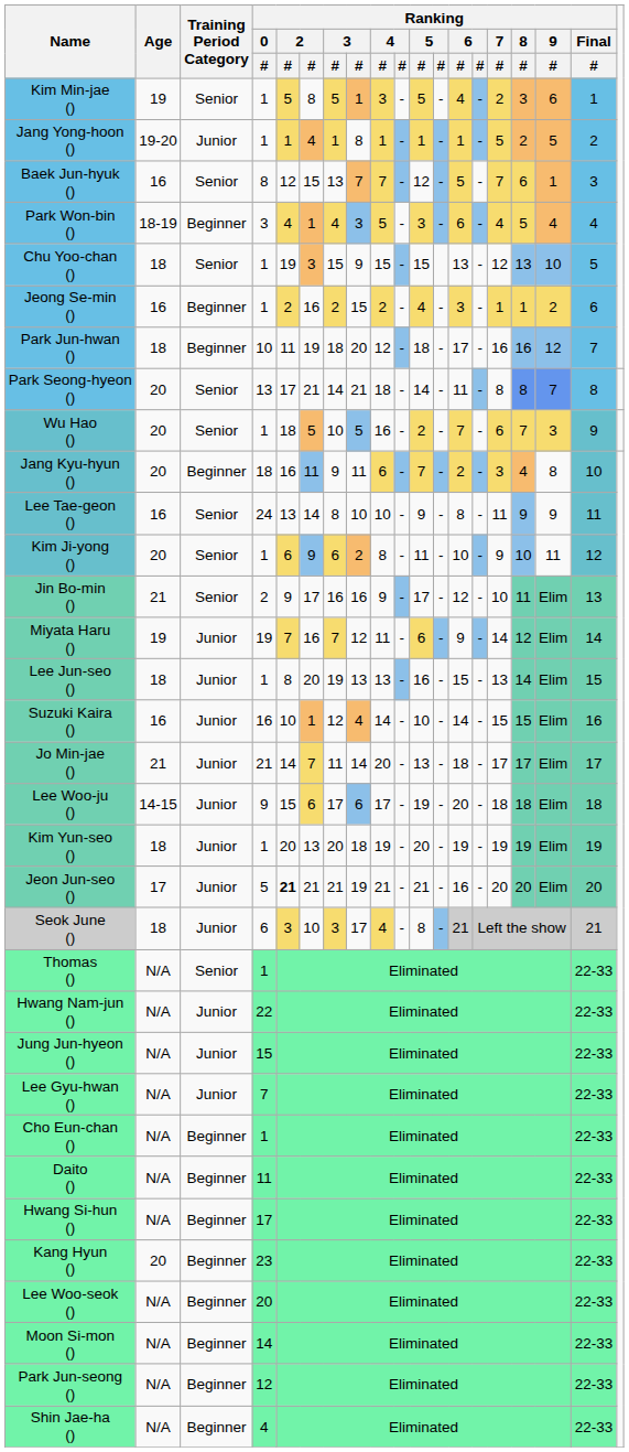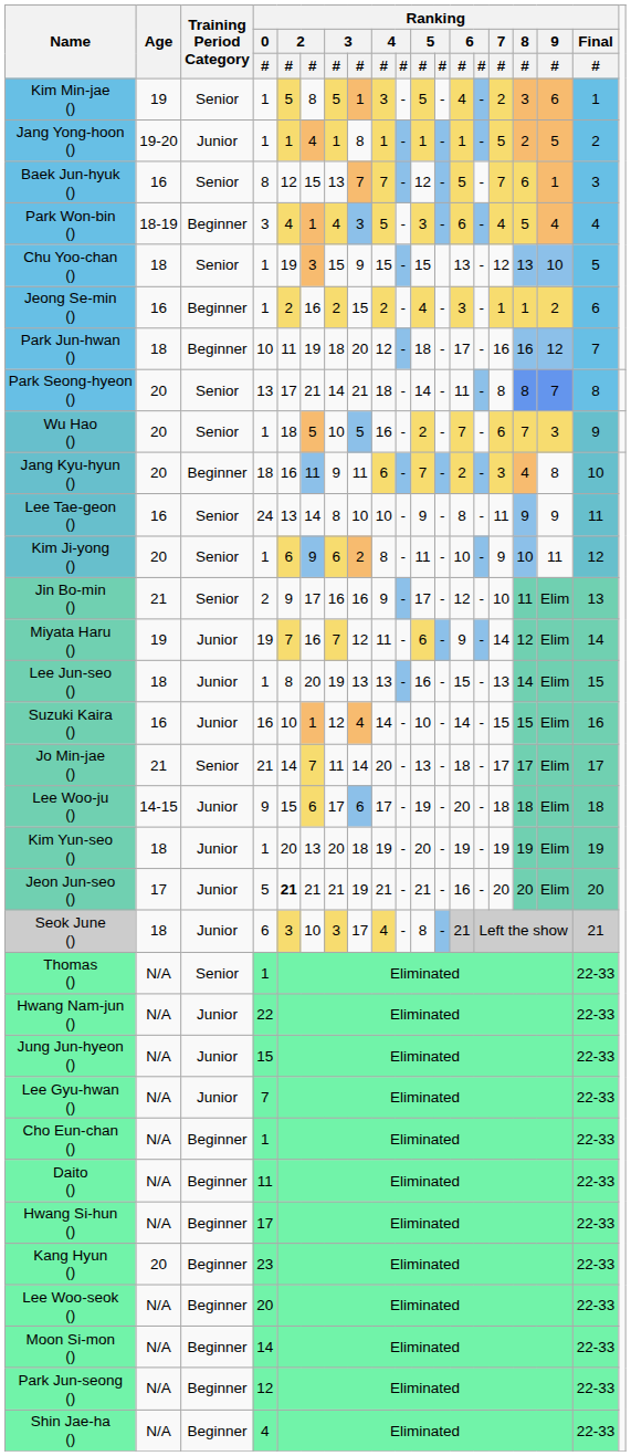 <table class="wikitable sortable" style="text-align:center; font-size: small;">
 <tr>
 <th rowspan="3" scope="col">Name</th>
 <th rowspan="3" scope="col">Age</th>
 <th rowspan="3" scope="col">Training<br>Period<br>Category</th>
 <th colspan="15">Ranking</th>
 </tr>
 <tr>
 <th> 0</th>
 <th colspan="2"> 2</th>
 <th colspan="2"> 3</th>
 <th colspan="2"> 4</th>
 <th colspan="2"> 5</th>
 <th colspan="2"> 6</th>
 <th> 7</th>
 <th> 8</th>
 <th> 9</th>
 <th>Final</th>
 </tr>
 <tr>
 <th>#</th>
 <th>#</th>
 <th>#</th>
 <th>#</th>
 <th>#</th>
 <th>#</th>
 <th>#</th>
 <th>#</th>
 <th>#</th>
 <th>#</th>
 <th>#</th>
 <th>#</th>
 <th>#</th>
 <th>#</th>
 <th>#</th>
 </tr>
 <tr>
 <td style="background:#67bfe5">Kim Min-jae<br>()</td>
 <td>19</td>
 <td>Senior</td>
 <td>1</td>
 <td style="background:#F7DC6F">5</td>
 <td>8</td>
 <td style="background:#F7DC6F">5</td>
 <td style="background:#f7bb6f">1</td>
 <td style="background:#F7DC6F">3</td>
 <td>-</td>
 <td style="background:#F7DC6F">5</td>
 <td>-</td>
 <td style="background:#F7DC6F">4</td>
 <td style="background:#8cc0e9">-</td>
 <td style="background:#F7DC6F">2</td>
 <td style="background:#f7bb6f">3</td>
 <td style="background:#f7bb6f">6</td>
 <td style="background:#67bfe5">1</td>
 </tr>
 <tr>
 <td style="background:#67bfe5">Jang Yong-hoon<br>()</td>
 <td>19-20</td>
 <td>Junior</td>
 <td>1</td>
 <td style="background:#F7DC6F">1</td>
 <td style="background:#f7bb6f">4</td>
 <td style="background:#F7DC6F">1</td>
 <td>8</td>
 <td style="background:#F7DC6F">1</td>
 <td style="background:#8cc0e9">-</td>
 <td style="background:#F7DC6F">1</td>
 <td style="background:#8cc0e9">-</td>
 <td style="background:#F7DC6F">1</td>
 <td style="background:#8cc0e9">-</td>
 <td style="background:#F7DC6F">5</td>
 <td style="background:#f7bb6f">2</td>
 <td style="background:#f7bb6f">5</td>
 <td style="background:#67bfe5">2</td>
 </tr>
 <tr>
 <td style="background:#67bfe5">Baek Jun-hyuk<br>()</td>
 <td>16</td>
 <td>Senior</td>
 <td>8</td>
 <td>12</td>
 <td>15</td>
 <td>13</td>
 <td style="background:#f7bb6f">7</td>
 <td style="background:#F7DC6F">7</td>
 <td style="background:#8cc0e9">-</td>
 <td>12</td>
 <td style="background:#8cc0e9">-</td>
 <td style="background:#F7DC6F">5</td>
 <td>-</td>
 <td style="background:#F7DC6F">7</td>
 <td style="background:#F7DC6F">6</td>
 <td style="background:#f7bb6f">1</td>
 <td style="background:#67bfe5">3</td>
 </tr>
 <tr>
 <td style="background:#67bfe5">Park Won-bin<br>()</td>
 <td>18-19</td>
 <td>Beginner</td>
 <td>3</td>
 <td style="background:#F7DC6F">4</td>
 <td style="background:#f7bb6f">1</td>
 <td style="background:#F7DC6F">4</td>
 <td style="background:#8cc0e9">3</td>
 <td style="background:#F7DC6F">5</td>
 <td>-</td>
 <td style="background:#F7DC6F">3</td>
 <td style="background:#8cc0e9">-</td>
 <td style="background:#F7DC6F">6</td>
 <td style="background:#8cc0e9">-</td>
 <td style="background:#F7DC6F">4</td>
 <td style="background:#F7DC6F">5</td>
 <td style="background:#f7bb6f">4</td>
 <td style="background:#67bfe5">4</td>
 </tr>
 <tr>
 <td style="background:#67bfe5">Chu Yoo-chan<br>()</td>
 <td>18</td>
 <td>Senior</td>
 <td>1</td>
 <td>19</td>
 <td style="background:#f7bb6f">3</td>
 <td>15</td>
 <td>9</td>
 <td>15</td>
 <td style="background:#8cc0e9">-</td>
 <td>15</td>
 <td></td>
 <td>13</td>
 <td>-</td>
 <td>12</td>
 <td style="background:#8cc0e9">13</td>
 <td style="background:#8cc0e9">10</td>
 <td style="background:#67bfe5">5</td>
 </tr>
 <tr>
 <td style="background:#67bfe5">Jeong Se-min<br>()</td>
 <td>16</td>
 <td>Beginner</td>
 <td>1</td>
 <td style="background:#F7DC6F">2</td>
 <td>16</td>
 <td style="background:#F7DC6F">2</td>
 <td>15</td>
 <td style="background:#F7DC6F">2</td>
 <td>-</td>
 <td style="background:#F7DC6F">4</td>
 <td>-</td>
 <td style="background:#F7DC6F">3</td>
 <td>-</td>
 <td style="background:#F7DC6F">1</td>
 <td style="background:#F7DC6F">1</td>
 <td style="background:#F7DC6F">2</td>
 <td style="background:#67bfe5">6</td>
 </tr>
 <tr>
 <td style="background:#67bfe5">Park Jun-hwan<br>()</td>
 <td>18</td>
 <td>Beginner</td>
 <td>10</td>
 <td>11</td>
 <td>19</td>
 <td>18</td>
 <td>20</td>
 <td>12</td>
 <td style="background:#8cc0e9">-</td>
 <td>18</td>
 <td>-</td>
 <td>17</td>
 <td>-</td>
 <td>16</td>
 <td style="background:#8cc0e9">16</td>
 <td style="background:#8cc0e9">12</td>
 <td style="background:#67bfe5">7</td>
 </tr>
 <tr>
 <td style="background:#67bfe5">Park Seong-hyeon<br>()</td>
 <td>20</td>
 <td>Senior</td>
 <td>13</td>
 <td>17</td>
 <td>21</td>
 <td>14</td>
 <td>21</td>
 <td>18</td>
 <td>-</td>
 <td>14</td>
 <td>-</td>
 <td>11</td>
 <td style="background:#8cc0e9">-</td>
 <td>8</td>
 <td style="background:#6495ed">8</td>
 <td style="background:#6495ed">7</td>
 <td style="background:#67bfe5">8</td>
 <td></td>
 </tr>
 <tr>
 <td style="background:#67bfcc">Wu Hao<br>()</td>
 <td>20</td>
 <td>Senior</td>
 <td>1</td>
 <td>18</td>
 <td style="background:#f7bb6f">5</td>
 <td>10</td>
 <td style="background:#8cc0e9">5</td>
 <td>16</td>
 <td>-</td>
 <td style="background:#F7DC6F">2</td>
 <td>-</td>
 <td style="background:#F7DC6F">7</td>
 <td>-</td>
 <td style="background:#F7DC6F">6</td>
 <td style="background:#F7DC6F">7</td>
 <td style="background:#F7DC6F">3</td>
 <td style="background:#67bfcc">9</td>
 <td></td>
 </tr>
 <tr>
 <td style="background:#67bfcc">Jang Kyu-hyun<br>()</td>
 <td>20</td>
 <td>Beginner</td>
 <td>18</td>
 <td>16</td>
 <td style="background:#8cc0e9">11</td>
 <td>9</td>
 <td>11</td>
 <td style="background:#F7DC6F">6</td>
 <td style="background:#8cc0e9">-</td>
 <td style="background:#F7DC6F">7</td>
 <td style="background:#8cc0e9">-</td>
 <td style="background:#F7DC6F">2</td>
 <td style="background:#8cc0e9">-</td>
 <td style="background:#F7DC6F">3</td>
 <td style="background:#f7bb6f">4</td>
 <td>8</td>
 <td style="background:#67bfcc">10</td>
 </tr>
 <tr>
 <td style="background:#67bfcc">Lee Tae-geon<br>()</td>
 <td>16</td>
 <td>Senior</td>
 <td>24</td>
 <td>13</td>
 <td>14</td>
 <td>8</td>
 <td>10</td>
 <td>10</td>
 <td>-</td>
 <td>9</td>
 <td>-</td>
 <td>8</td>
 <td>-</td>
 <td>11</td>
 <td style="background:#8cc0e9">9</td>
 <td>9</td>
 <td style="background:#67bfcc">11</td>
 </tr>
 <tr>
 <td style="background:#67bfcc">Kim Ji-yong<br>()</td>
 <td>20</td>
 <td>Senior</td>
 <td>1</td>
 <td style="background:#F7DC6F">6</td>
 <td style="background:#8cc0e9">9</td>
 <td style="background:#F7DC6F">6</td>
 <td style="background:#f7bb6f">2</td>
 <td>8</td>
 <td>-</td>
 <td>11</td>
 <td>-</td>
 <td>10</td>
 <td style="background:#8cc0e9">-</td>
 <td>9</td>
 <td style="background:#8cc0e9">10</td>
 <td>11</td>
 <td style="background:#67bfcc">12</td>
 </tr>
 <tr>
 <td style="background:#70d0b1 ">Jin Bo-min<br>()</td>
 <td>21</td>
 <td>Senior</td>
 <td>2</td>
 <td>9</td>
 <td>17</td>
 <td>16</td>
 <td>16</td>
 <td>9</td>
 <td style="background:#8cc0e9">-</td>
 <td>17</td>
 <td>-</td>
 <td>12</td>
 <td>-</td>
 <td>10</td>
 <td style="background:#70d0b1 ">11</td>
 <td style="background:#70d0b1 ">Elim</td>
 <td style="background:#70d0b1 ">13</td>
 </tr>
 <tr>
 <td style="background:#70d0b1 ">Miyata Haru<br>()</td>
 <td>19</td>
 <td>Junior</td>
 <td>19</td>
 <td style="background:#F7DC6F">7</td>
 <td>16</td>
 <td style="background:#F7DC6F">7</td>
 <td>12</td>
 <td>11</td>
 <td>-</td>
 <td style="background:#F7DC6F">6</td>
 <td style="background:#8cc0e9">-</td>
 <td>9</td>
 <td style="background:#8cc0e9">-</td>
 <td>14</td>
 <td style="background:#70d0b1 ">12</td>
 <td style="background:#70d0b1 ">Elim</td>
 <td style="background:#70d0b1 ">14</td>
 </tr>
 <tr>
 <td style="background:#70d0b1 ">Lee Jun-seo<br>()</td>
 <td>18</td>
 <td>Junior</td>
 <td>1</td>
 <td>8</td>
 <td>20</td>
 <td>19</td>
 <td>13</td>
 <td>13</td>
 <td style="background:#8cc0e9">-</td>
 <td>16</td>
 <td>-</td>
 <td>15</td>
 <td>-</td>
 <td>13</td>
 <td style="background:#70d0b1 ">14</td>
 <td style="background:#70d0b1 ">Elim</td>
 <td style="background:#70d0b1 ">15</td>
 </tr>
 <tr>
 <td style="background:#70d0b1 ">Suzuki Kaira<br>()</td>
 <td>16</td>
 <td>Junior</td>
 <td>16</td>
 <td>10</td>
 <td style="background:#f7bb6f">1</td>
 <td>12</td>
 <td style="background:#f7bb6f">4</td>
 <td>14</td>
 <td>-</td>
 <td>10</td>
 <td>-</td>
 <td>14</td>
 <td>-</td>
 <td>15</td>
 <td style="background:#70d0b1 ">15</td>
 <td style="background:#70d0b1 ">Elim</td>
 <td style="background:#70d0b1 ">16</td>
 </tr>
 <tr>
 <td style="background:#70d0b1 ">Jo Min-jae<br>()</td>
 <td>21</td>
-<td>Junior</td>
+<td>Senior</td>
 <td>21</td>
 <td>14</td>
 <td style="background:#F7DC6F">7</td>
 <td>11</td>
 <td>14</td>
 <td>20</td>
 <td>-</td>
 <td>13</td>
 <td>-</td>
 <td>18</td>
 <td>-</td>
 <td>17</td>
 <td style="background:#70d0b1 ">17</td>
 <td style="background:#70d0b1 ">Elim</td>
 <td style="background:#70d0b1 ">17</td>
 </tr>
 <tr>
 <td style="background:#70d0b1 ">Lee Woo-ju<br>()</td>
 <td>14-15</td>
 <td>Junior</td>
 <td>9</td>
 <td>15</td>
 <td style="background:#F7DC6F">6</td>
 <td>17</td>
 <td style="background:#8cc0e9">6</td>
 <td>17</td>
 <td>-</td>
 <td>19</td>
 <td>-</td>
 <td>20</td>
 <td>-</td>
 <td>18</td>
 <td style="background:#70d0b1 ">18</td>
 <td style="background:#70d0b1 ">Elim</td>
 <td style="background:#70d0b1 ">18</td>
 </tr>
 <tr>
 <td style="background:#70d0b1 ">Kim Yun-seo<br>()</td>
 <td>18</td>
 <td>Junior</td>
 <td>1</td>
 <td>20</td>
 <td>13</td>
 <td>20</td>
 <td>18</td>
 <td>19</td>
 <td>-</td>
 <td>20</td>
 <td>-</td>
 <td>19</td>
 <td>-</td>
 <td>19</td>
 <td style="background:#70d0b1 ">19</td>
 <td style="background:#70d0b1 ">Elim</td>
 <td style="background:#70d0b1 ">19</td>
 </tr>
 <tr>
 <td style="background:#70d0b1 ">Jeon Jun-seo<br>()</td>
 <td>17</td>
 <td>Junior</td>
 <td>5</td>
 <td><strong>21</strong></td>
 <td>21</td>
 <td>21</td>
 <td>19</td>
 <td>21</td>
 <td>-</td>
 <td>21</td>
 <td>-</td>
 <td>16</td>
 <td>-</td>
 <td>20</td>
 <td style="background:#70d0b1 ">20</td>
 <td style="background:#70d0b1 ">Elim</td>
 <td style="background:#70d0b1 ">20</td>
 </tr>
 <tr>
 <td style="background:#CCCCCC">Seok June<br>()</td>
 <td>18</td>
 <td>Junior</td>
 <td>6</td>
 <td style="background:#F7DC6F">3</td>
 <td>10</td>
 <td style="background:#F7DC6F">3</td>
 <td>17</td>
 <td style="background:#F7DC6F">4</td>
 <td>-</td>
 <td>8</td>
 <td style="background:#8cc0e9">-</td>
 <td style="background:#CCCCCC">21</td>
 <td colspan="4" style="background:#CCCCCC">Left the show</td>
 <td style="background:#CCCCCC">21</td>
 </tr>
 <tr>
 <td style="background:#71f3a9">Thomas<br>()</td>
 <td>N/A</td>
 <td>Senior</td>
 <td style="background:#71f3a9">1</td>
 <td colspan="13" style="background:#71f3a9">Eliminated</td>
 <td style="background:#71f3a9">22-33</td>
 </tr>
 <tr>
 <td style="background:#71f3a9">Hwang Nam-jun<br>()</td>
 <td>N/A</td>
 <td>Junior</td>
 <td style="background:#71f3a9">22</td>
 <td colspan="13" style="background:#71f3a9">Eliminated</td>
 <td style="background:#71f3a9">22-33</td>
 </tr>
 <tr>
 <td style="background:#71f3a9">Jung Jun-hyeon<br>()</td>
 <td>N/A</td>
 <td>Junior</td>
 <td style="background:#71f3a9">15</td>
 <td colspan="13" style="background:#71f3a9">Eliminated</td>
 <td style="background:#71f3a9">22-33</td>
 </tr>
 <tr>
 <td style="background:#71f3a9">Lee Gyu-hwan<br>()</td>
 <td>N/A</td>
 <td>Junior</td>
 <td style="background:#71f3a9">7</td>
 <td colspan="13" style="background:#71f3a9">Eliminated</td>
 <td style="background:#71f3a9">22-33</td>
 </tr>
 <tr>
 <td style="background:#71f3a9">Cho Eun-chan<br>()</td>
 <td>N/A</td>
 <td>Beginner</td>
 <td style="background:#71f3a9">1</td>
 <td colspan="13" style="background:#71f3a9">Eliminated</td>
 <td style="background:#71f3a9">22-33</td>
 </tr>
 <tr>
 <td style="background:#71f3a9">Daito<br>()</td>
 <td>N/A</td>
 <td>Beginner</td>
 <td style="background:#71f3a9">11</td>
 <td colspan="13" style="background:#71f3a9">Eliminated</td>
 <td style="background:#71f3a9">22-33</td>
 </tr>
 <tr>
 <td style="background:#71f3a9">Hwang Si-hun<br>()</td>
 <td>N/A</td>
 <td>Beginner</td>
 <td style="background:#71f3a9">17</td>
 <td colspan="13" style="background:#71f3a9">Eliminated</td>
 <td style="background:#71f3a9">22-33</td>
 </tr>
 <tr>
 <td style="background:#71f3a9">Kang Hyun<br>()</td>
 <td>20</td>
 <td>Beginner</td>
 <td style="background:#71f3a9">23</td>
 <td colspan="13" style="background:#71f3a9">Eliminated</td>
 <td style="background:#71f3a9">22-33</td>
 </tr>
 <tr>
 <td style="background:#71f3a9">Lee Woo-seok<br>()</td>
 <td>N/A</td>
 <td>Beginner</td>
 <td style="background:#71f3a9">20</td>
 <td colspan="13" style="background:#71f3a9">Eliminated</td>
 <td style="background:#71f3a9">22-33</td>
 </tr>
 <tr>
 <td style="background:#71f3a9">Moon Si-mon<br>()</td>
 <td>N/A</td>
 <td>Beginner</td>
 <td style="background:#71f3a9">14</td>
 <td colspan="13" style="background:#71f3a9">Eliminated</td>
 <td style="background:#71f3a9">22-33</td>
 </tr>
 <tr>
 <td style="background:#71f3a9">Park Jun-seong<br>()</td>
 <td>N/A</td>
 <td>Beginner</td>
 <td style="background:#71f3a9">12</td>
 <td colspan="13" style="background:#71f3a9">Eliminated</td>
 <td style="background:#71f3a9">22-33</td>
 </tr>
 <tr>
 <td style="background:#71f3a9">Shin Jae-ha<br>()</td>
 <td>N/A</td>
 <td>Beginner</td>
 <td style="background:#71f3a9">4</td>
 <td colspan="13" style="background:#71f3a9">Eliminated</td>
 <td style="background:#71f3a9">22-33</td>
 </tr>
 </table>
